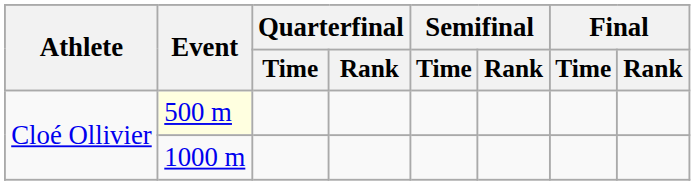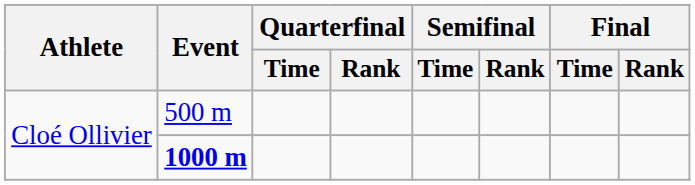 <table class="wikitable" style="font-size:90%">
 <tr>
 <th rowspan=2>Athlete</th>
 <th rowspan=2>Event</th>
 <th colspan=2>Quarterfinal</th>
 <th colspan=2>Semifinal</th>
 <th colspan=2>Final</th>
 </tr>
 <tr style="font-size:95%">
 <th>Time</th>
 <th>Rank</th>
 <th>Time</th>
 <th>Rank</th>
 <th>Time</th>
 <th>Rank</th>
 </tr>
 <tr align=center>
 <td align=left rowspan=2><a href='#'>Cloé Ollivier</a></td>
-<td align=left style="background: lightyellow;"><a href='#'>500 m</a></td>
+<td align=left><a href='#'>500 m</a></td>
 <td></td>
 <td></td>
 <td></td>
 <td></td>
 <td></td>
 <td></td>
 </tr>
 <tr align=center>
-<td align=left><a href='#'>1000 m</a></td>
+<td align=left><strong><a href='#'>1000 m</a></strong></td>
 <td></td>
 <td></td>
 <td></td>
 <td></td>
 <td></td>
 <td></td>
 </tr>
 </table>
